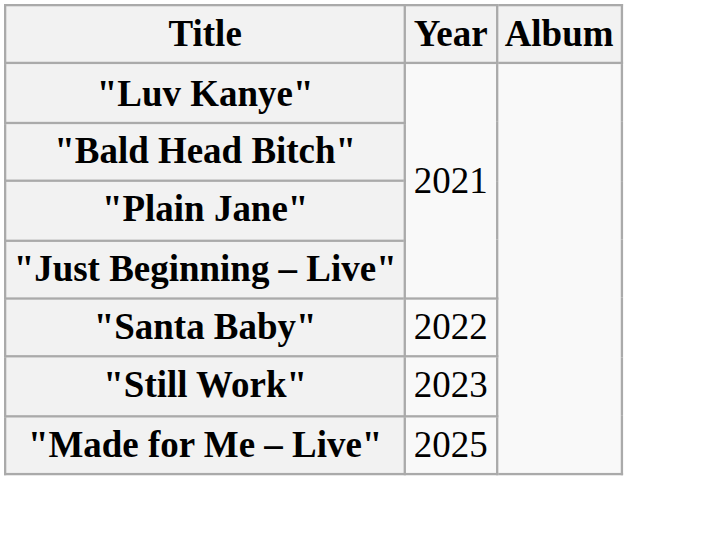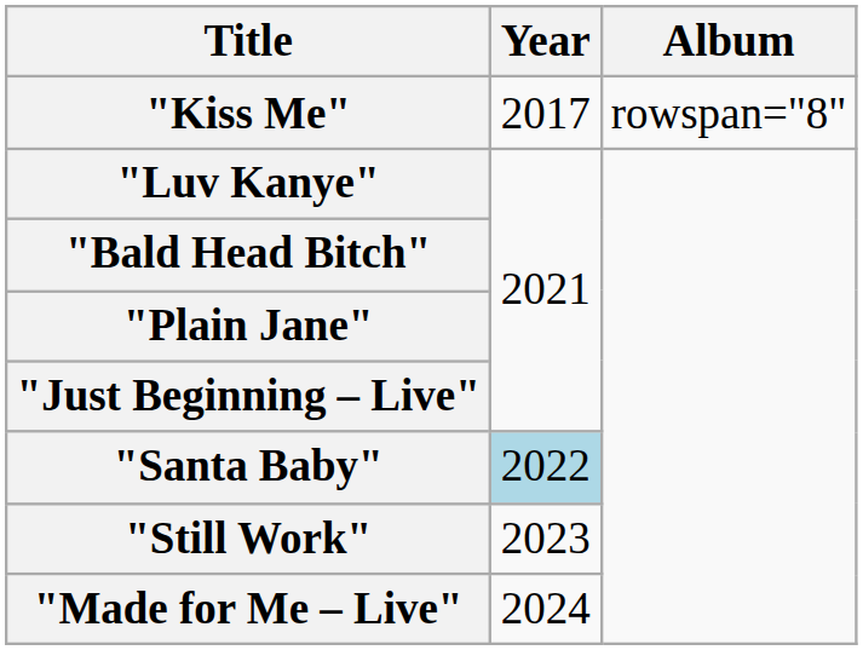 <table class="wikitable plainrowheaders" style="text-align:center;" border="1">
 <tr>
 <th scope="col">Title</th>
 <th scope="col">Year</th>
 <th scope="col">Album</th>
+</tr>
+<tr>
+<th scope="row">"Kiss Me"</th>
+<td>2017</td>
+<td>rowspan="8" </td>
 </tr>
 <tr>
 <th scope="row">"Luv Kanye"</th>
 <td rowspan="4">2021</td>
 </tr>
 <tr>
 <th scope="row">"Bald Head Bitch"<br></th>
 </tr>
 <tr>
 <th scope="row">"Plain Jane"<br></th>
 </tr>
 <tr>
 <th scope="row">"Just Beginning – Live"</th>
 </tr>
 <tr>
 <th scope="row">"Santa Baby"</th>
-<td>2022</td>
+<td style="background: lightblue;">2022</td>
 </tr>
 <tr>
 <th scope="row">"Still Work"<br></th>
 <td>2023</td>
 </tr>
 <tr>
 <th scope="row">"Made for Me – Live"</th>
-<td>2025</td>
+<td>2024</td>
 </tr>
 </table>
